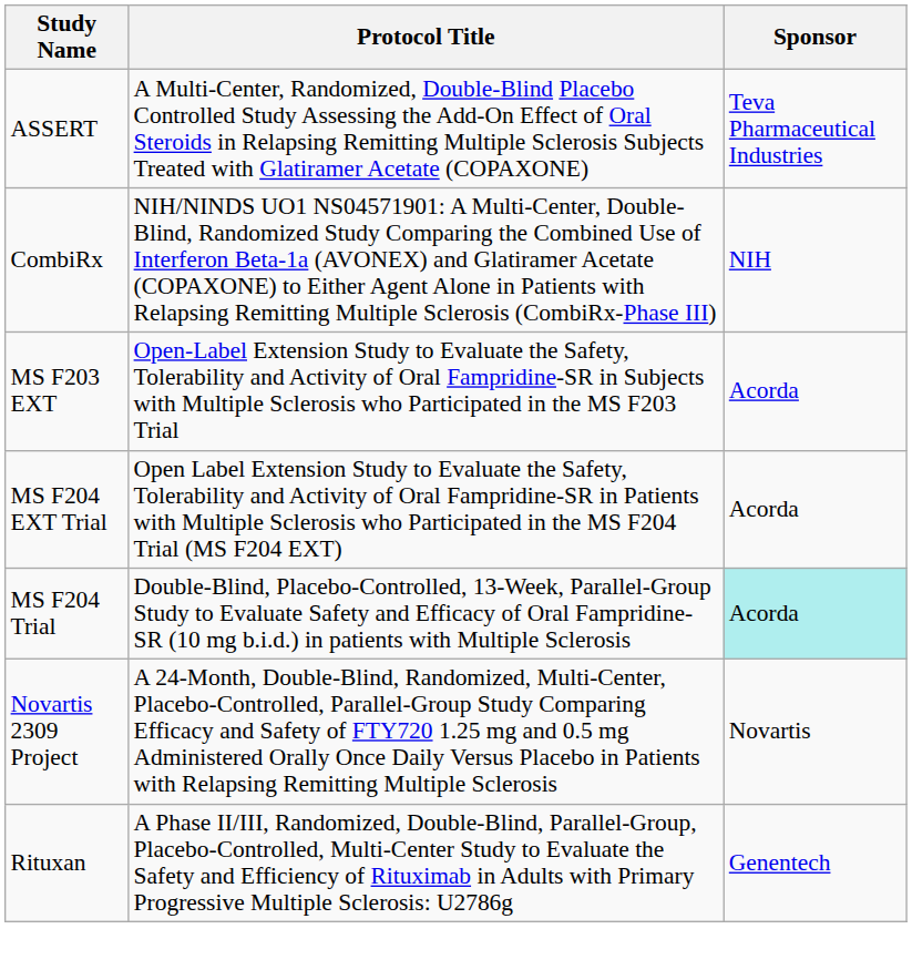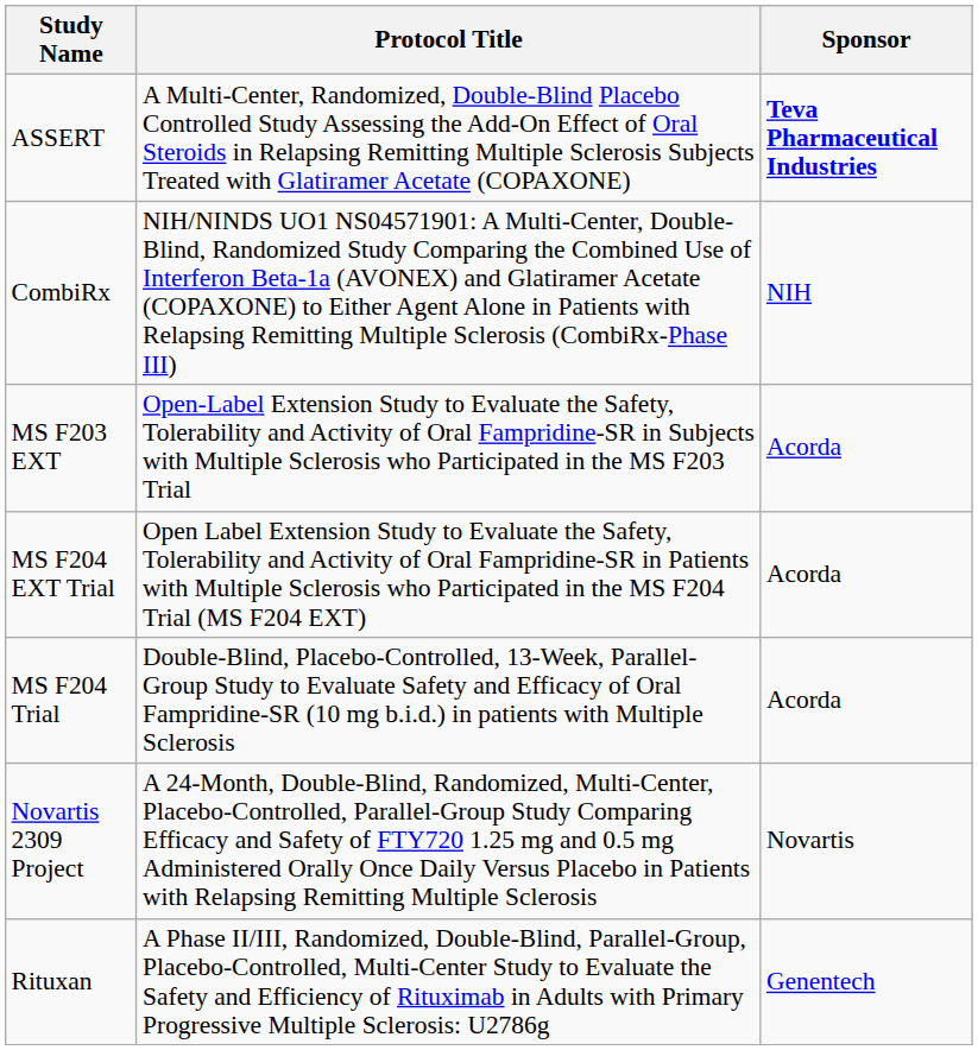 <table class="wikitable">
 <tr>
 <th>Study Name</th>
 <th>Protocol Title</th>
 <th>Sponsor</th>
 </tr>
 <tr>
 <td>ASSERT</td>
 <td>A Multi-Center, Randomized, <a href='#'>Double-Blind</a> <a href='#'>Placebo</a> Controlled Study Assessing the Add-On Effect of <a href='#'>Oral</a> <a href='#'>Steroids</a> in Relapsing Remitting Multiple Sclerosis Subjects Treated with <a href='#'>Glatiramer Acetate</a> (COPAXONE)</td>
-<td><a href='#'>Teva Pharmaceutical Industries</a></td>
+<td><strong><a href='#'>Teva Pharmaceutical Industries</a></strong></td>
 </tr>
 <tr>
 <td>CombiRx</td>
 <td>NIH/NINDS UO1 NS04571901: A Multi-Center, Double-Blind, Randomized Study Comparing the Combined Use of <a href='#'>Interferon Beta-1a</a> (AVONEX) and Glatiramer Acetate (COPAXONE) to Either Agent Alone in Patients with Relapsing Remitting Multiple Sclerosis (CombiRx-<a href='#'>Phase III</a>)</td>
 <td><a href='#'>NIH</a></td>
 </tr>
 <tr>
 <td>MS F203 EXT</td>
 <td><a href='#'>Open-Label</a> Extension Study to Evaluate the Safety, Tolerability and Activity of Oral <a href='#'>Fampridine</a>-SR in Subjects with Multiple Sclerosis who Participated in the MS F203 Trial</td>
 <td><a href='#'>Acorda</a></td>
 </tr>
 <tr>
 <td>MS F204 EXT Trial</td>
 <td>Open Label Extension Study to Evaluate the Safety, Tolerability and Activity of Oral Fampridine-SR in Patients with Multiple Sclerosis who Participated in the MS F204 Trial (MS F204 EXT)</td>
 <td>Acorda</td>
 </tr>
 <tr>
 <td>MS F204 Trial</td>
 <td>Double-Blind, Placebo-Controlled, 13-Week, Parallel-Group Study to Evaluate Safety and Efficacy of Oral Fampridine-SR (10 mg b.i.d.) in patients with Multiple Sclerosis</td>
-<td style="background: paleturquoise;">Acorda</td>
+<td>Acorda</td>
 </tr>
 <tr>
 <td><a href='#'>Novartis</a> 2309 Project</td>
 <td>A 24-Month, Double-Blind, Randomized, Multi-Center, Placebo-Controlled, Parallel-Group Study Comparing Efficacy and Safety of <a href='#'>FTY720</a> 1.25 mg and 0.5 mg Administered Orally Once Daily Versus Placebo in Patients with Relapsing Remitting Multiple Sclerosis</td>
 <td>Novartis</td>
 </tr>
 <tr>
 <td>Rituxan</td>
 <td>A Phase II/III, Randomized, Double-Blind, Parallel-Group, Placebo-Controlled, Multi-Center Study to Evaluate the Safety and Efficiency of <a href='#'>Rituximab</a> in Adults with Primary Progressive Multiple Sclerosis: U2786g</td>
 <td><a href='#'>Genentech</a></td>
 </tr>
 <tr>
 </tr>
 </table>
